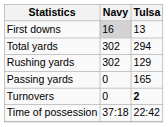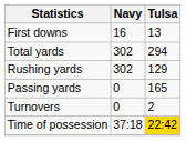 <table class="wikitable">
 <tr>
 <th>Statistics</th>
 <th>Navy</th>
 <th>Tulsa</th>
 </tr>
 <tr>
 <td>First downs</td>
-<td style="background: lightgrey;">16</td>
+<td>16</td>
 <td>13</td>
 </tr>
 <tr>
 <td>Total yards</td>
 <td>302</td>
 <td>294</td>
 </tr>
 <tr>
 <td>Rushing yards</td>
 <td>302</td>
 <td>129</td>
 </tr>
 <tr>
 <td>Passing yards</td>
 <td>0</td>
 <td>165</td>
 </tr>
 <tr>
 <td>Turnovers</td>
 <td>0</td>
-<td><strong>2</strong></td>
+<td>2</td>
 </tr>
 <tr>
 <td>Time of possession</td>
 <td>37:18</td>
-<td>22:42</td>
+<td style="background: gold;">22:42</td>
 </tr>
 <tr>
 </tr>
 </table>
